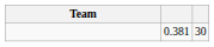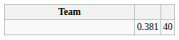 <table class="wikitable">
 <tr>
 <th width=210>Team</th>
 <th></th>
 <th></th>
 </tr>
 <tr>
 <td><strong></strong></td>
 <td align=right>0.381</td>
-<td align=center>30</td>
+<td align=center>40</td>
 </tr>
 </table>
